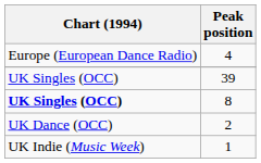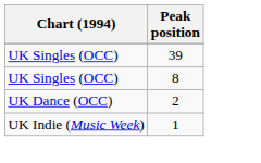 <table class="wikitable sortable">
 <tr>
 <th align="left">Chart (1994)</th>
 <th align="center">Peak<br>position</th>
-</tr>
-<tr>
-<td align="left">Europe (<a href='#'>European Dance Radio</a>)</td>
-<td align="center">4</td>
 </tr>
 <tr>
 </tr>
 <tr>
 <td align="left"><a href='#'>UK Singles</a> (<a href='#'>OCC</a>)</td>
 <td align="center">39</td>
 </tr>
 <tr>
-<td align="left"><strong><a href='#'>UK Singles</a> (<a href='#'>OCC</a>) </strong></td>
+<td align="left"><a href='#'>UK Singles</a> (<a href='#'>OCC</a>) </td>
 <td align="center">8</td>
 </tr>
 <tr>
 <td align="left"><a href='#'>UK Dance</a> (<a href='#'>OCC</a>)</td>
 <td align="center">2</td>
 </tr>
 <tr>
 <td align=left>UK Indie (<em><a href='#'>Music Week</a></em>)</td>
 <td align="center">1</td>
 </tr>
 </table>
